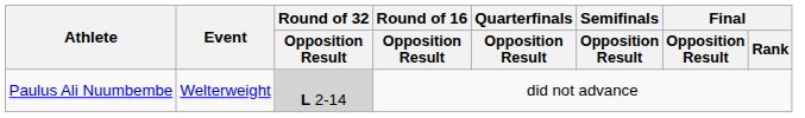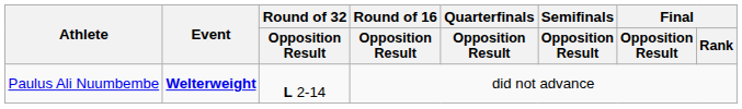 <table class="wikitable" style="font-size:90%">
 <tr>
 <th rowspan="2">Athlete</th>
 <th rowspan="2">Event</th>
 <th>Round of 32</th>
 <th>Round of 16</th>
 <th>Quarterfinals</th>
 <th>Semifinals</th>
 <th colspan=2>Final</th>
 </tr>
 <tr style="font-size:95%">
 <th>Opposition<br>Result</th>
 <th>Opposition<br>Result</th>
 <th>Opposition<br>Result</th>
 <th>Opposition<br>Result</th>
 <th>Opposition<br>Result</th>
 <th>Rank</th>
 </tr>
 <tr align=center>
 <td align=left><a href='#'>Paulus Ali Nuumbembe</a></td>
-<td align=left><a href='#'>Welterweight</a></td>
-<td style="background: lightgrey;"><br><strong>L</strong> 2-14</td>
+<td align=left><strong><a href='#'>Welterweight</a></strong></td>
+<td><br><strong>L</strong> 2-14</td>
 <td colspan=5>did not advance</td>
 </tr>
 </table>
